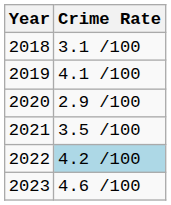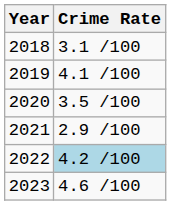 <table class="wikitable">
 <tr>
 <th>Year</th>
 <th>Crime Rate</th>
 </tr>
 <tr>
 <td>2018</td>
 <td>3.1 /100</td>
 </tr>
 <tr>
 <td>2019</td>
 <td>4.1 /100</td>
 </tr>
 <tr>
 <td>2020</td>
-<td>2.9 /100</td>
+<td>3.5 /100</td>
 </tr>
 <tr>
 <td>2021</td>
-<td>3.5 /100</td>
+<td>2.9 /100</td>
 </tr>
 <tr>
 <td>2022</td>
 <td style="background: lightblue;">4.2 /100</td>
 </tr>
 <tr>
 <td>2023</td>
 <td>4.6 /100</td>
 </tr>
 </table>
